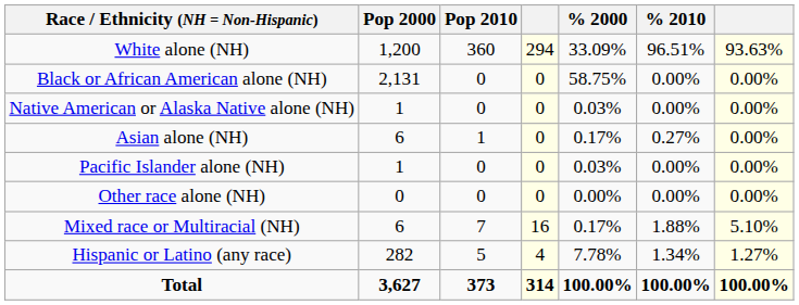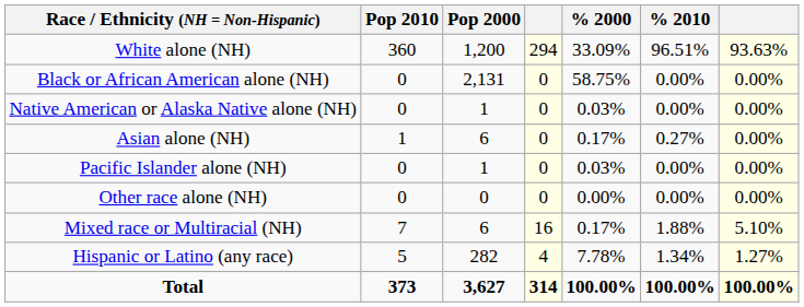 <table class="wikitable" style="text-align:center;">
 <tr>
 <th>Race / Ethnicity <small>(<em>NH = Non-Hispanic</em>)</small></th>
+<th>Pop 2010</th>
 <th>Pop 2000</th>
-<th>Pop 2010</th>
 <th></th>
 <th>% 2000</th>
 <th>% 2010</th>
 <th></th>
 </tr>
 <tr>
 <td><a href='#'>White</a> alone (NH)</td>
+<td>360</td>
 <td>1,200</td>
-<td>360</td>
 <td style='background: #ffffe6;'>294</td>
 <td>33.09%</td>
 <td>96.51%</td>
 <td style='background: #ffffe6;'>93.63%</td>
 </tr>
 <tr>
 <td><a href='#'>Black or African American</a> alone (NH)</td>
+<td>0</td>
 <td>2,131</td>
-<td>0</td>
 <td style='background: #ffffe6;'>0</td>
 <td>58.75%</td>
 <td>0.00%</td>
 <td style='background: #ffffe6;'>0.00%</td>
 </tr>
 <tr>
 <td><a href='#'>Native American</a> or <a href='#'>Alaska Native</a> alone (NH)</td>
+<td>0</td>
 <td>1</td>
-<td>0</td>
 <td style='background: #ffffe6;'>0</td>
 <td>0.03%</td>
 <td>0.00%</td>
 <td style='background: #ffffe6;'>0.00%</td>
 </tr>
 <tr>
 <td><a href='#'>Asian</a> alone (NH)</td>
+<td>1</td>
 <td>6</td>
-<td>1</td>
 <td style='background: #ffffe6;'>0</td>
 <td>0.17%</td>
 <td>0.27%</td>
 <td style='background: #ffffe6;'>0.00%</td>
 </tr>
 <tr>
 <td><a href='#'>Pacific Islander</a> alone (NH)</td>
+<td>0</td>
 <td>1</td>
-<td>0</td>
 <td style='background: #ffffe6;'>0</td>
 <td>0.03%</td>
 <td>0.00%</td>
 <td style='background: #ffffe6;'>0.00%</td>
 </tr>
 <tr>
 <td><a href='#'>Other race</a> alone (NH)</td>
 <td>0</td>
 <td>0</td>
 <td style='background: #ffffe6;'>0</td>
 <td>0.00%</td>
 <td>0.00%</td>
 <td style='background: #ffffe6;'>0.00%</td>
 </tr>
 <tr>
 <td><a href='#'>Mixed race or Multiracial</a> (NH)</td>
+<td>7</td>
 <td>6</td>
-<td>7</td>
 <td style='background: #ffffe6;'>16</td>
 <td>0.17%</td>
 <td>1.88%</td>
 <td style='background: #ffffe6;'>5.10%</td>
 </tr>
 <tr>
 <td><a href='#'>Hispanic or Latino</a> (any race)</td>
+<td>5</td>
 <td>282</td>
-<td>5</td>
 <td style='background: #ffffe6;'>4</td>
 <td>7.78%</td>
 <td>1.34%</td>
 <td style='background: #ffffe6;'>1.27%</td>
 </tr>
 <tr>
 <td><strong>Total</strong></td>
+<td><strong>373</strong></td>
 <td><strong>3,627</strong></td>
-<td><strong>373</strong></td>
 <td style='background: #ffffe6;'><strong>314</strong></td>
 <td><strong>100.00%</strong></td>
 <td><strong>100.00%</strong></td>
 <td style='background: #ffffe6;'><strong>100.00%</strong></td>
 </tr>
 </table>
